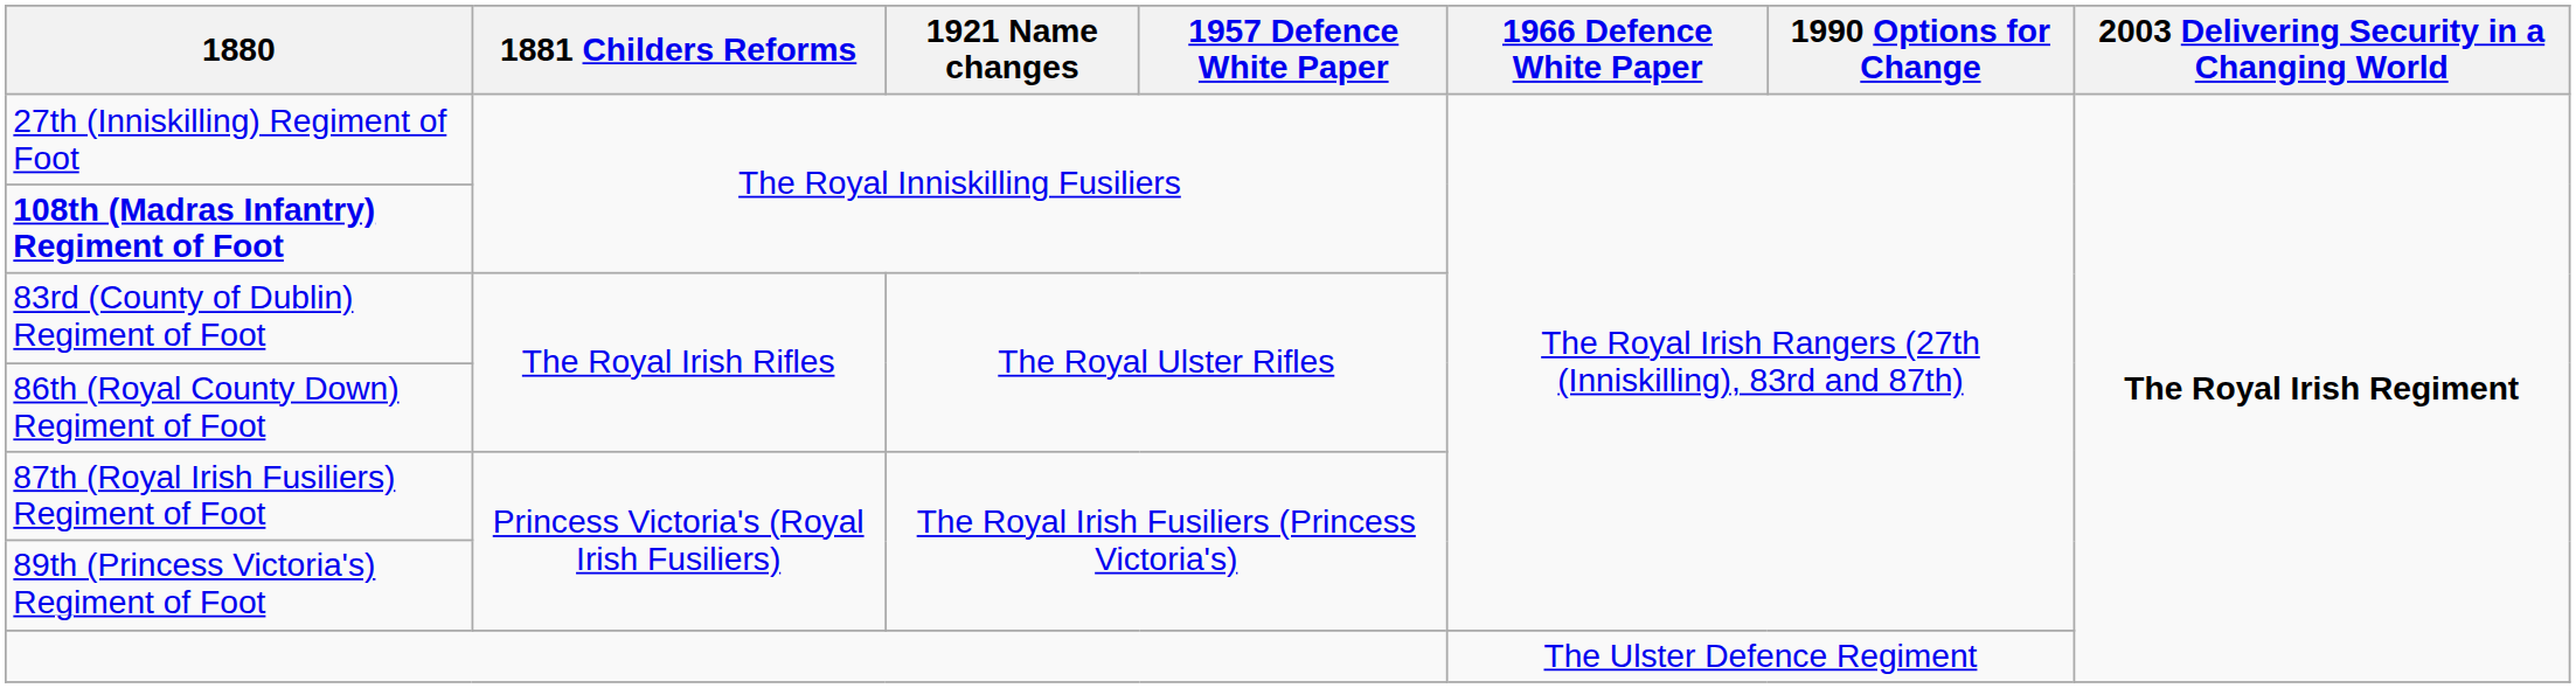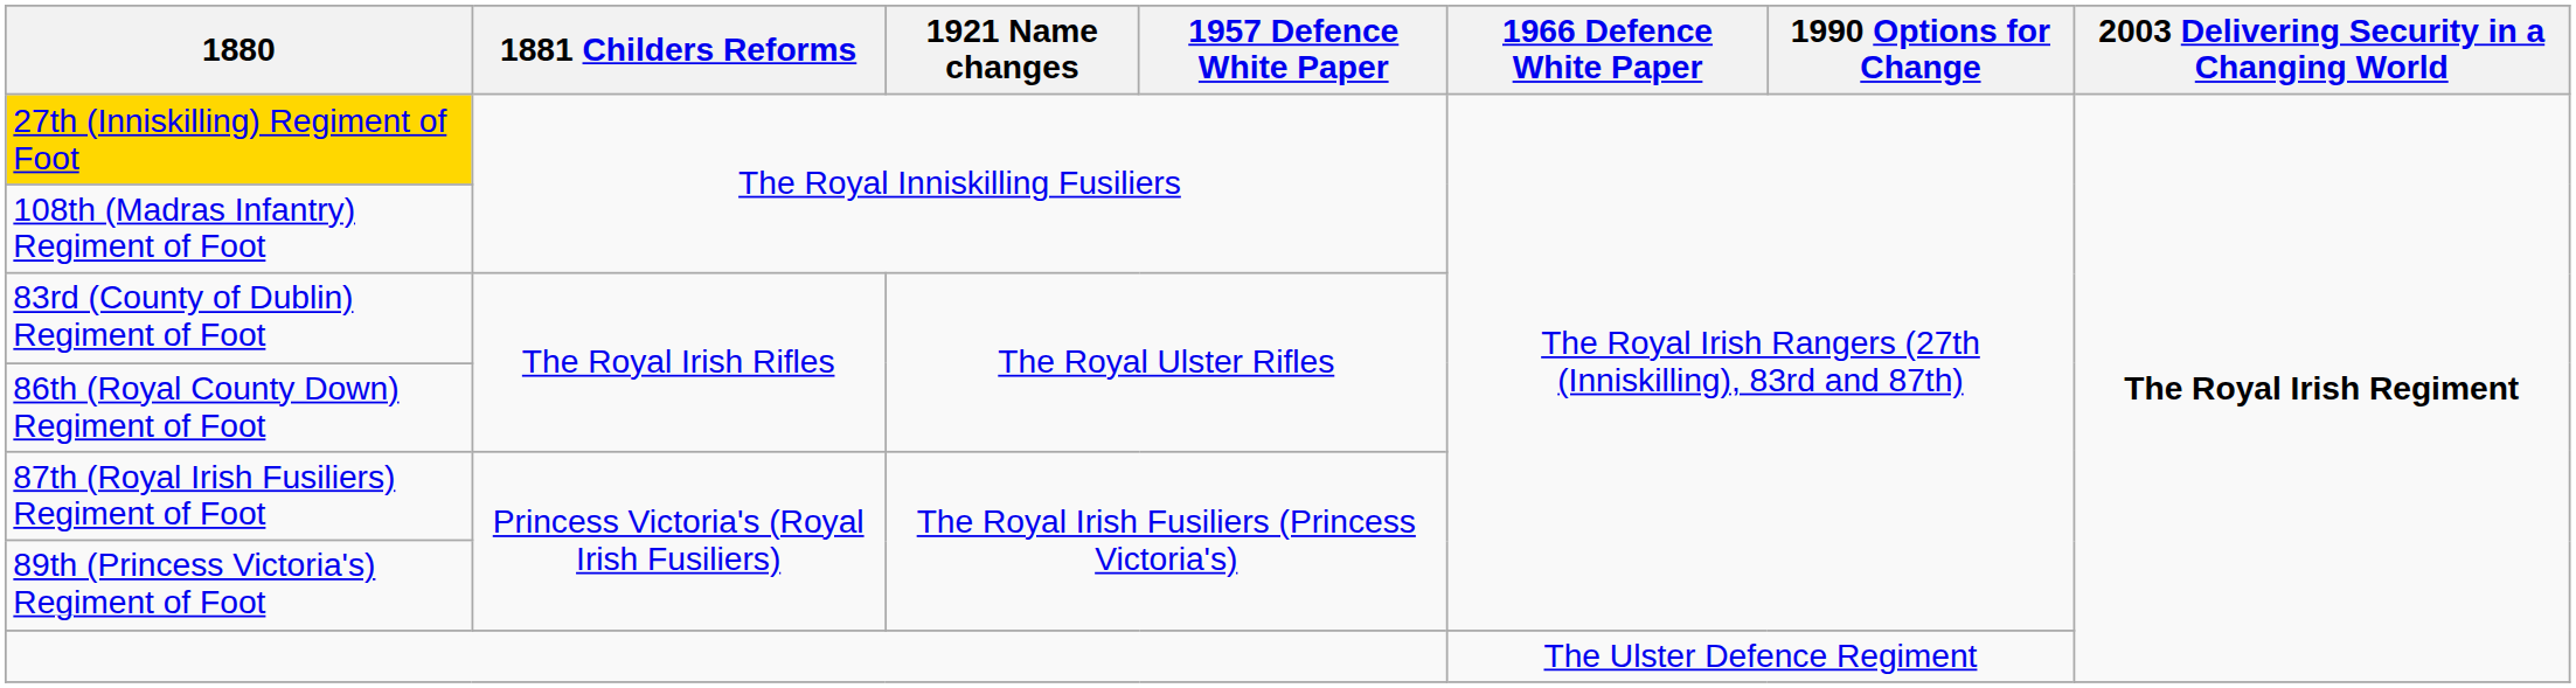 <table class="wikitable">
 <tr>
 <th>1880</th>
 <th>1881 <a href='#'>Childers Reforms</a></th>
 <th>1921 Name changes</th>
 <th><a href='#'>1957 Defence White Paper</a></th>
 <th><a href='#'>1966 Defence White Paper</a></th>
 <th>1990 <a href='#'>Options for Change</a></th>
 <th>2003 <a href='#'>Delivering Security in a Changing World</a></th>
 </tr>
 <tr>
-<td><a href='#'>27th (Inniskilling) Regiment of Foot</a></td>
+<td style="background: gold;"><a href='#'>27th (Inniskilling) Regiment of Foot</a></td>
 <td rowspan="2" colspan="3" style="text-align: center;"><a href='#'>The Royal Inniskilling Fusiliers</a></td>
 <td rowspan="6" colspan="2" style="text-align: center;"><a href='#'>The Royal Irish Rangers (27th (Inniskilling), 83rd and 87th)</a></td>
 <td rowspan="7" colspan="1" style="text-align: center;"><strong>The Royal Irish Regiment</strong></td>
 </tr>
 <tr>
-<td><strong><a href='#'>108th (Madras Infantry) Regiment of Foot</a></strong></td>
+<td><a href='#'>108th (Madras Infantry) Regiment of Foot</a></td>
 </tr>
 <tr>
 <td><a href='#'>83rd (County of Dublin) Regiment of Foot</a></td>
 <td rowspan="2" colspan="1" style="text-align: center;"><a href='#'>The Royal Irish Rifles</a></td>
 <td rowspan="2" colspan="2" style="text-align: center;"><a href='#'>The Royal Ulster Rifles</a></td>
 </tr>
 <tr>
 <td><a href='#'>86th (Royal County Down) Regiment of Foot</a></td>
 </tr>
 <tr>
 <td><a href='#'>87th (Royal Irish Fusiliers) Regiment of Foot</a></td>
 <td rowspan="2" colspan="1" style="text-align: center;"><a href='#'>Princess Victoria's (Royal Irish Fusiliers)</a></td>
 <td rowspan="2" colspan="2" style="text-align: center;"><a href='#'>The Royal Irish Fusiliers (Princess Victoria's)</a></td>
 </tr>
 <tr>
 <td><a href='#'>89th (Princess Victoria's) Regiment of Foot</a></td>
 </tr>
 <tr>
 <td rowspan="1" colspan="4" style="text-align: center;"></td>
 <td rowspan="1" colspan="2" style="text-align: center;"><a href='#'>The Ulster Defence Regiment</a></td>
 </tr>
 </table>
